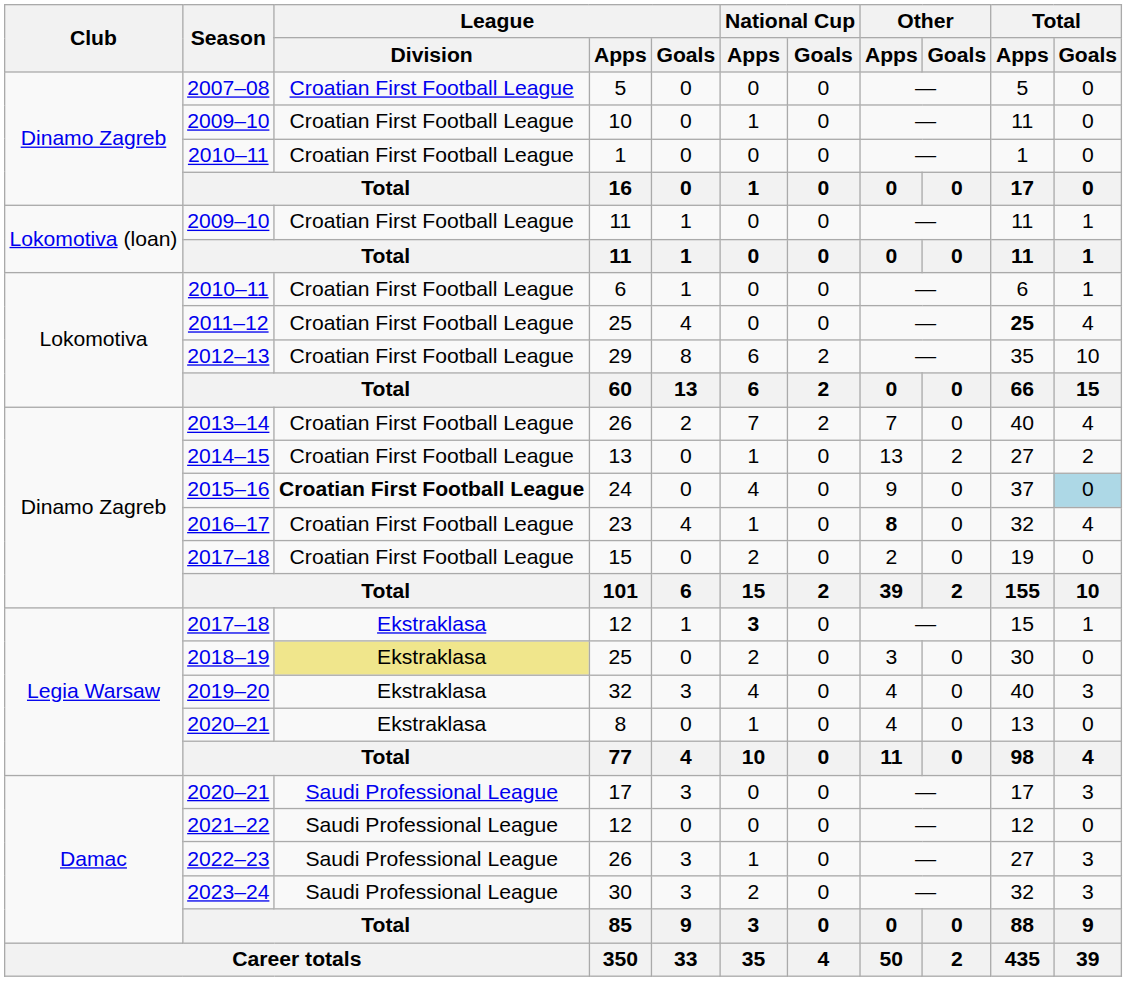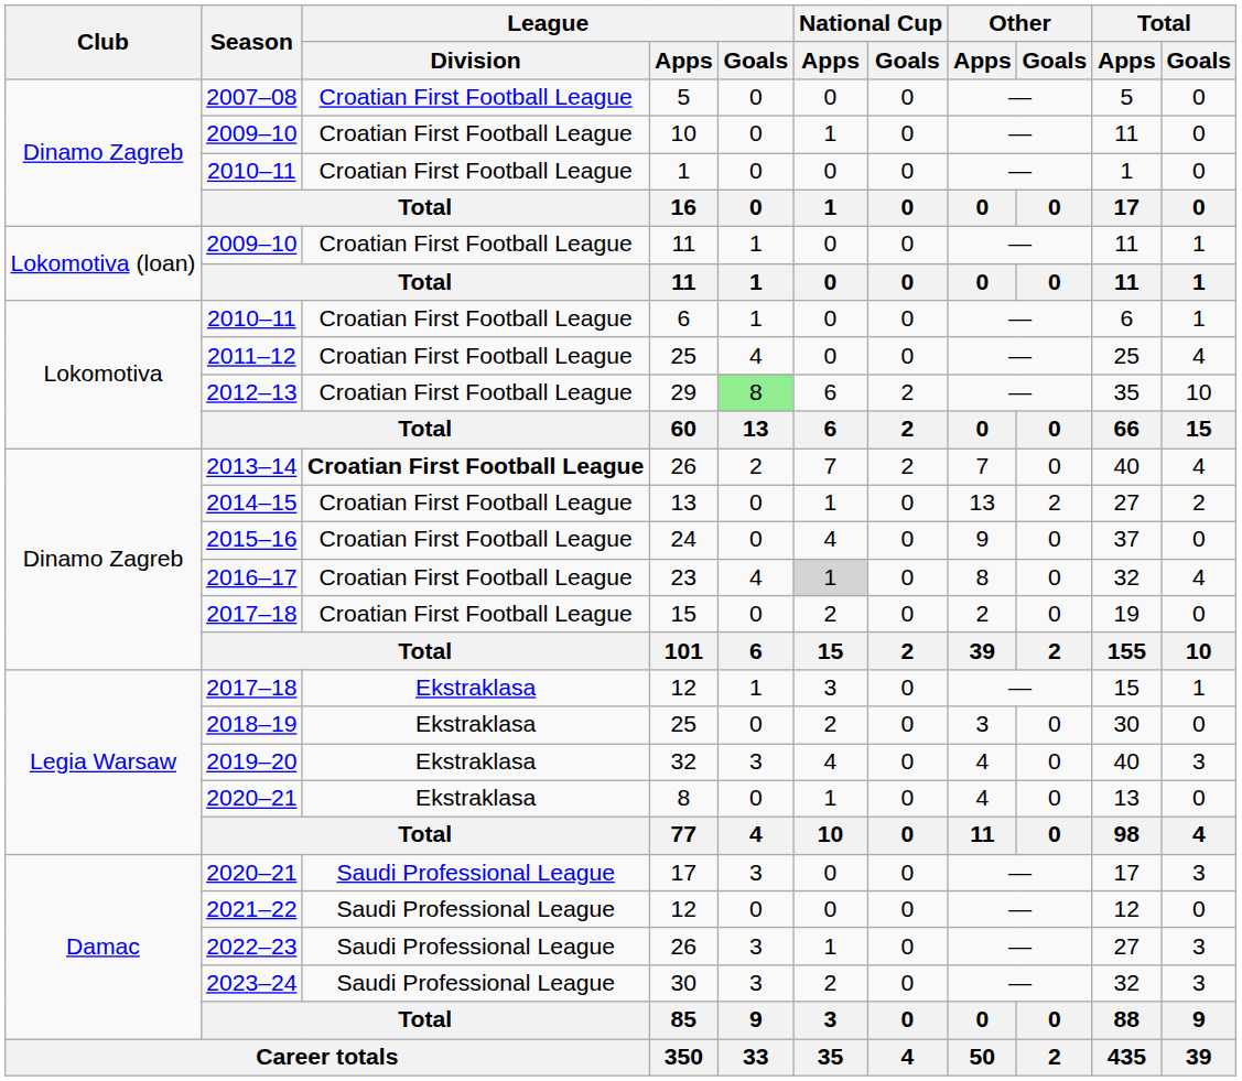 <table class="wikitable" style="text-align:center">
 <tr>
 <th rowspan="2">Club</th>
 <th rowspan="2">Season</th>
 <th colspan="3">League</th>
 <th colspan="2">National Cup</th>
 <th colspan="2">Other</th>
 <th colspan="2">Total</th>
 </tr>
 <tr>
 <th>Division</th>
 <th>Apps</th>
 <th>Goals</th>
 <th>Apps</th>
 <th>Goals</th>
 <th>Apps</th>
 <th>Goals</th>
 <th>Apps</th>
 <th>Goals</th>
 </tr>
 <tr>
 <td rowspan="4"><a href='#'>Dinamo Zagreb</a></td>
 <td><a href='#'>2007–08</a></td>
 <td><a href='#'>Croatian First Football League</a></td>
 <td>5</td>
 <td>0</td>
 <td>0</td>
 <td>0</td>
 <td colspan="2">—</td>
 <td>5</td>
 <td>0</td>
 </tr>
 <tr>
 <td><a href='#'>2009–10</a></td>
 <td>Croatian First Football League</td>
 <td>10</td>
 <td>0</td>
 <td>1</td>
 <td>0</td>
 <td colspan="2">—</td>
 <td>11</td>
 <td>0</td>
 </tr>
 <tr>
 <td><a href='#'>2010–11</a></td>
 <td>Croatian First Football League</td>
 <td>1</td>
 <td>0</td>
 <td>0</td>
 <td>0</td>
 <td colspan="2">—</td>
 <td>1</td>
 <td>0</td>
 </tr>
 <tr>
 <th colspan="2">Total</th>
 <th>16</th>
 <th>0</th>
 <th>1</th>
 <th>0</th>
 <th>0</th>
 <th>0</th>
 <th>17</th>
 <th>0</th>
 </tr>
 <tr>
 <td rowspan="2"><a href='#'>Lokomotiva</a> (loan)</td>
 <td><a href='#'>2009–10</a></td>
 <td>Croatian First Football League</td>
 <td>11</td>
 <td>1</td>
 <td>0</td>
 <td>0</td>
 <td colspan="2">—</td>
 <td>11</td>
 <td>1</td>
 </tr>
 <tr>
 <th colspan="2">Total</th>
 <th>11</th>
 <th>1</th>
 <th>0</th>
 <th>0</th>
 <th>0</th>
 <th>0</th>
 <th>11</th>
 <th>1</th>
 </tr>
 <tr>
 <td rowspan="4">Lokomotiva</td>
 <td><a href='#'>2010–11</a></td>
 <td>Croatian First Football League</td>
 <td>6</td>
 <td>1</td>
 <td>0</td>
 <td>0</td>
 <td colspan="2">—</td>
 <td>6</td>
 <td>1</td>
 </tr>
 <tr>
 <td><a href='#'>2011–12</a></td>
 <td>Croatian First Football League</td>
 <td>25</td>
 <td>4</td>
 <td>0</td>
 <td>0</td>
 <td colspan="2">—</td>
-<td><strong>25</strong></td>
+<td>25</td>
 <td>4</td>
 </tr>
 <tr>
 <td><a href='#'>2012–13</a></td>
 <td>Croatian First Football League</td>
 <td>29</td>
-<td>8</td>
+<td style="background: lightgreen;">8</td>
 <td>6</td>
 <td>2</td>
 <td colspan="2">—</td>
 <td>35</td>
 <td>10</td>
 </tr>
 <tr>
 <th colspan="2">Total</th>
 <th>60</th>
 <th>13</th>
 <th>6</th>
 <th>2</th>
 <th>0</th>
 <th>0</th>
 <th>66</th>
 <th>15</th>
 </tr>
 <tr>
 <td rowspan="6">Dinamo Zagreb</td>
 <td><a href='#'>2013–14</a></td>
-<td>Croatian First Football League</td>
+<td><strong>Croatian First Football League</strong></td>
 <td>26</td>
 <td>2</td>
 <td>7</td>
 <td>2</td>
 <td>7</td>
 <td>0</td>
 <td>40</td>
 <td>4</td>
 </tr>
 <tr>
 <td><a href='#'>2014–15</a></td>
 <td>Croatian First Football League</td>
 <td>13</td>
 <td>0</td>
 <td>1</td>
 <td>0</td>
 <td>13</td>
 <td>2</td>
 <td>27</td>
 <td>2</td>
 </tr>
 <tr>
 <td><a href='#'>2015–16</a></td>
-<td><strong>Croatian First Football League</strong></td>
+<td>Croatian First Football League</td>
 <td>24</td>
 <td>0</td>
 <td>4</td>
 <td>0</td>
 <td>9</td>
 <td>0</td>
 <td>37</td>
-<td style="background: lightblue;">0</td>
+<td>0</td>
 </tr>
 <tr>
 <td><a href='#'>2016–17</a></td>
 <td>Croatian First Football League</td>
 <td>23</td>
 <td>4</td>
-<td>1</td>
+<td style="background: lightgrey;">1</td>
 <td>0</td>
-<td><strong>8</strong></td>
+<td>8</td>
 <td>0</td>
 <td>32</td>
 <td>4</td>
 </tr>
 <tr>
 <td><a href='#'>2017–18</a></td>
 <td>Croatian First Football League</td>
 <td>15</td>
 <td>0</td>
 <td>2</td>
 <td>0</td>
 <td>2</td>
 <td>0</td>
 <td>19</td>
 <td>0</td>
 </tr>
 <tr>
 <th colspan="2">Total</th>
 <th>101</th>
 <th>6</th>
 <th>15</th>
 <th>2</th>
 <th>39</th>
 <th>2</th>
 <th>155</th>
 <th>10</th>
 </tr>
 <tr>
 <td rowspan="5"><a href='#'>Legia Warsaw</a></td>
 <td><a href='#'>2017–18</a></td>
 <td><a href='#'>Ekstraklasa</a></td>
 <td>12</td>
 <td>1</td>
-<td><strong>3</strong></td>
+<td>3</td>
 <td>0</td>
 <td colspan="2">—</td>
 <td>15</td>
 <td>1</td>
 </tr>
 <tr>
 <td><a href='#'>2018–19</a></td>
-<td style="background: khaki;">Ekstraklasa</td>
+<td>Ekstraklasa</td>
 <td>25</td>
 <td>0</td>
 <td>2</td>
 <td>0</td>
 <td>3</td>
 <td>0</td>
 <td>30</td>
 <td>0</td>
 </tr>
 <tr>
 <td><a href='#'>2019–20</a></td>
 <td>Ekstraklasa</td>
 <td>32</td>
 <td>3</td>
 <td>4</td>
 <td>0</td>
 <td>4</td>
 <td>0</td>
 <td>40</td>
 <td>3</td>
 </tr>
 <tr>
 <td><a href='#'>2020–21</a></td>
 <td>Ekstraklasa</td>
 <td>8</td>
 <td>0</td>
 <td>1</td>
 <td>0</td>
 <td>4</td>
 <td>0</td>
 <td>13</td>
 <td>0</td>
 </tr>
 <tr>
 <th colspan="2">Total</th>
 <th>77</th>
 <th>4</th>
 <th>10</th>
 <th>0</th>
 <th>11</th>
 <th>0</th>
 <th>98</th>
 <th>4</th>
 </tr>
 <tr>
 <td rowspan="5"><a href='#'>Damac</a></td>
 <td><a href='#'>2020–21</a></td>
 <td><a href='#'>Saudi Professional League</a></td>
 <td>17</td>
 <td>3</td>
 <td>0</td>
 <td>0</td>
 <td colspan="2">—</td>
 <td>17</td>
 <td>3</td>
 </tr>
 <tr>
 <td><a href='#'>2021–22</a></td>
 <td>Saudi Professional League</td>
 <td>12</td>
 <td>0</td>
 <td>0</td>
 <td>0</td>
 <td colspan="2">—</td>
 <td>12</td>
 <td>0</td>
 </tr>
 <tr>
 <td><a href='#'>2022–23</a></td>
 <td>Saudi Professional League</td>
 <td>26</td>
 <td>3</td>
 <td>1</td>
 <td>0</td>
 <td colspan="2">—</td>
 <td>27</td>
 <td>3</td>
 </tr>
 <tr>
 <td><a href='#'>2023–24</a></td>
 <td>Saudi Professional League</td>
 <td>30</td>
 <td>3</td>
 <td>2</td>
 <td>0</td>
 <td colspan="2">—</td>
 <td>32</td>
 <td>3</td>
 </tr>
 <tr>
 <th colspan="2">Total</th>
 <th>85</th>
 <th>9</th>
 <th>3</th>
 <th>0</th>
 <th>0</th>
 <th>0</th>
 <th>88</th>
 <th>9</th>
 </tr>
 <tr>
 <th colspan="3">Career totals</th>
 <th>350</th>
 <th>33</th>
 <th>35</th>
 <th>4</th>
 <th>50</th>
 <th>2</th>
 <th>435</th>
 <th>39</th>
 </tr>
 </table>
